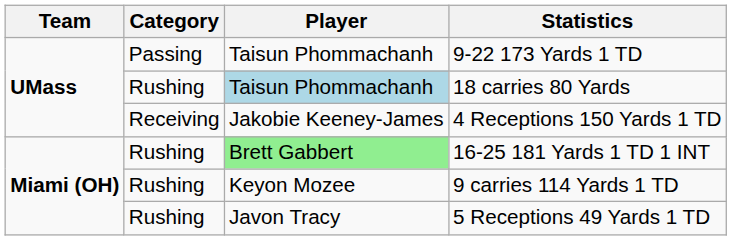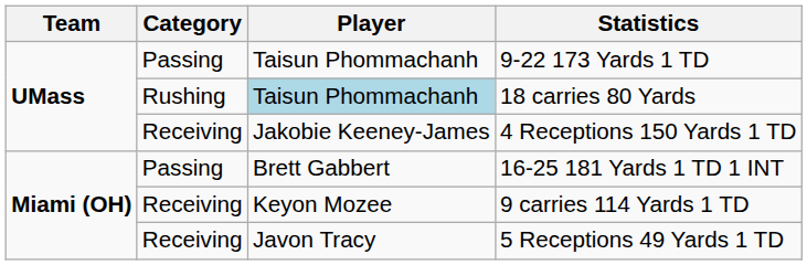 <table class="wikitable" style="float: right;">
 <tr>
 <th>Team</th>
 <th>Category</th>
 <th>Player</th>
 <th>Statistics</th>
 </tr>
 <tr>
 <td rowspan=3><strong>UMass</strong></td>
 <td>Passing</td>
 <td>Taisun Phommachanh</td>
 <td>9-22 173 Yards 1 TD</td>
 </tr>
 <tr>
 <td>Rushing</td>
 <td style="background: lightblue;">Taisun Phommachanh</td>
 <td>18 carries 80 Yards</td>
 </tr>
 <tr>
 <td>Receiving</td>
 <td>Jakobie Keeney-James</td>
 <td>4 Receptions 150 Yards 1 TD</td>
 </tr>
 <tr>
 <td rowspan=3><strong>Miami (OH)</strong></td>
-<td>Rushing</td>
-<td style="background: lightgreen;">Brett Gabbert</td>
+<td>Passing</td>
+<td>Brett Gabbert</td>
 <td>16-25 181 Yards 1 TD 1 INT</td>
 </tr>
 <tr>
-<td>Rushing</td>
+<td>Receiving</td>
 <td>Keyon Mozee</td>
 <td>9 carries 114 Yards 1 TD</td>
 </tr>
 <tr>
-<td>Rushing</td>
+<td>Receiving</td>
 <td>Javon Tracy</td>
 <td>5 Receptions 49 Yards 1 TD</td>
 </tr>
 </table>
